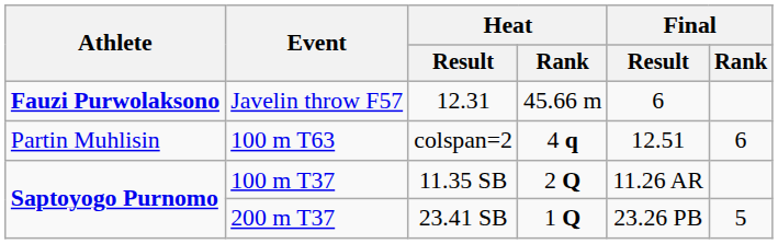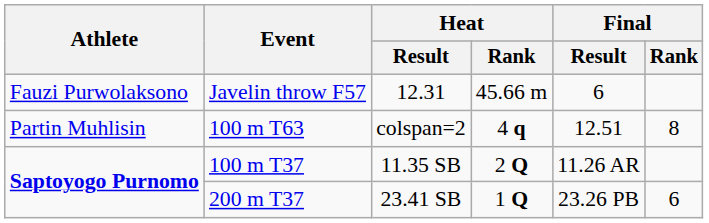 <table class="wikitable" style="font-size:90%">
 <tr>
 <th rowspan="2">Athlete</th>
 <th rowspan="2">Event</th>
 <th colspan="2">Heat</th>
 <th colspan="2">Final</th>
 </tr>
 <tr style="font-size:95%">
 <th>Result</th>
 <th>Rank</th>
 <th>Result</th>
 <th>Rank</th>
 </tr>
 <tr align=center>
-<td align=left><strong><a href='#'>Fauzi Purwolaksono</a></strong></td>
+<td align=left><a href='#'>Fauzi Purwolaksono</a></td>
 <td align=left><a href='#'>Javelin throw F57</a></td>
 <td>12.31</td>
 <td>45.66 m</td>
 <td>6</td>
 </tr>
 <tr align=center>
 <td align=left><a href='#'>Partin Muhlisin</a></td>
 <td align=left><a href='#'>100 m T63</a></td>
 <td>colspan=2 </td>
 <td>4 <strong>q</strong></td>
 <td>12.51</td>
-<td>6</td>
+<td>8</td>
 </tr>
 <tr align=center>
 <td align=left rowspan=2><strong><a href='#'>Saptoyogo Purnomo</a></strong></td>
 <td align=left><a href='#'>100 m T37</a></td>
 <td>11.35 SB</td>
 <td>2 <strong>Q</strong></td>
 <td>11.26 AR</td>
 <td></td>
 </tr>
 <tr align=center>
 <td align=left><a href='#'>200 m T37</a></td>
 <td>23.41 SB</td>
 <td>1 <strong>Q</strong></td>
 <td>23.26	PB</td>
-<td>5</td>
+<td>6</td>
 </tr>
 </table>
